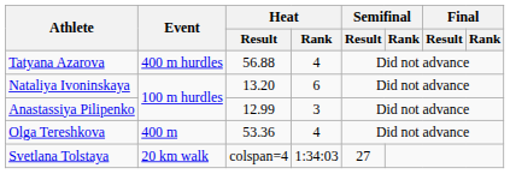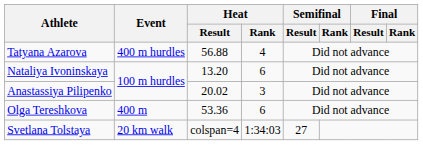 <table class=wikitable style="font-size:90%">
 <tr>
 <th rowspan="2">Athlete</th>
 <th rowspan="2">Event</th>
 <th colspan="2">Heat</th>
 <th colspan="2">Semifinal</th>
 <th colspan="2">Final</th>
 </tr>
 <tr style="font-size:95%">
 <th>Result</th>
 <th>Rank</th>
 <th>Result</th>
 <th>Rank</th>
 <th>Result</th>
 <th>Rank</th>
 </tr>
 <tr align=center>
 <td align=left><a href='#'>Tatyana Azarova</a></td>
 <td align=left><a href='#'>400 m hurdles</a></td>
 <td>56.88</td>
 <td>4</td>
 <td colspan=4>Did not advance</td>
 </tr>
 <tr align=center>
 <td align=left><a href='#'>Nataliya Ivoninskaya</a></td>
 <td align=left rowspan=2><a href='#'>100 m hurdles</a></td>
 <td>13.20</td>
 <td>6</td>
 <td colspan=4>Did not advance</td>
 </tr>
 <tr align=center>
 <td align=left><a href='#'>Anastassiya Pilipenko</a></td>
-<td>12.99</td>
+<td>20.02</td>
 <td>3</td>
 <td colspan=4>Did not advance</td>
 </tr>
 <tr align=center>
 <td align=left><a href='#'>Olga Tereshkova</a></td>
 <td align=left><a href='#'>400 m</a></td>
 <td>53.36</td>
-<td>4</td>
+<td>6</td>
 <td colspan=4>Did not advance</td>
 </tr>
 <tr align=center>
 <td align=left><a href='#'>Svetlana Tolstaya</a></td>
 <td align=left><a href='#'>20 km walk</a></td>
 <td>colspan=4 </td>
 <td>1:34:03</td>
 <td>27</td>
 </tr>
 </table>
